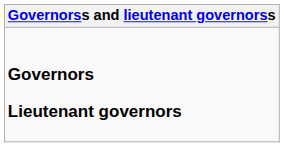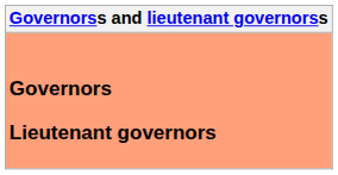 <table class="wikitable collapsible collapsed">
 <tr>
 <th><a href='#'>Governors</a>s and <a href='#'>lieutenant governors</a>s</th>
 </tr>
 <tr>
-<td><br><h3>Governors</h3> <h3>Lieutenant governors</h3> </td>
+<td style="background: lightsalmon;"><br><h3>Governors</h3> <h3>Lieutenant governors</h3> </td>
 </tr>
 </table>
